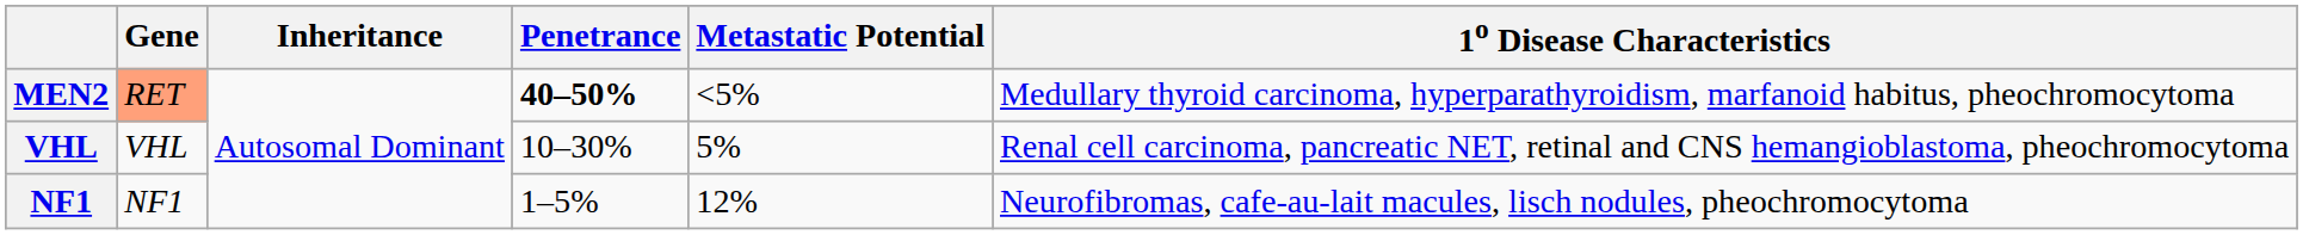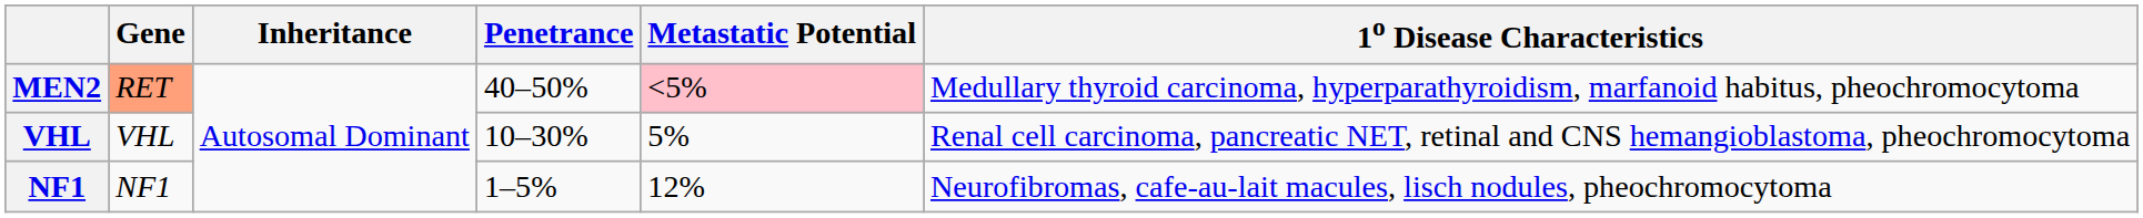 <table class="wikitable">
 <tr>
 <th></th>
 <th>Gene</th>
 <th>Inheritance</th>
 <th><a href='#'>Penetrance</a></th>
 <th><a href='#'>Metastatic</a> Potential</th>
 <th>1<sup>o</sup> Disease Characteristics</th>
 </tr>
 <tr>
 <th><a href='#'>MEN2</a></th>
 <td style="background: lightsalmon;"><em>RET</em></td>
 <td rowspan="3"><a href='#'>Autosomal Dominant</a></td>
-<td><strong>40–50%</strong></td>
-<td><5%</td>
+<td>40–50%</td>
+<td style="background: pink;"><5%</td>
 <td><a href='#'>Medullary thyroid carcinoma</a>, <a href='#'>hyperparathyroidism</a>, <a href='#'>marfanoid</a> habitus, pheochromocytoma</td>
 </tr>
 <tr>
 <th><a href='#'>VHL</a></th>
 <td><em>VHL</em></td>
 <td>10–30%</td>
 <td>5%</td>
 <td><a href='#'>Renal cell carcinoma</a>, <a href='#'>pancreatic NET</a>, retinal and CNS <a href='#'>hemangioblastoma</a>, pheochromocytoma</td>
 </tr>
 <tr>
 <th><a href='#'>NF1</a></th>
 <td><em>NF1</em></td>
 <td>1–5%</td>
 <td>12%</td>
 <td><a href='#'>Neurofibromas</a>, <a href='#'>cafe-au-lait macules</a>, <a href='#'>lisch nodules</a>, pheochromocytoma</td>
 </tr>
 </table>
